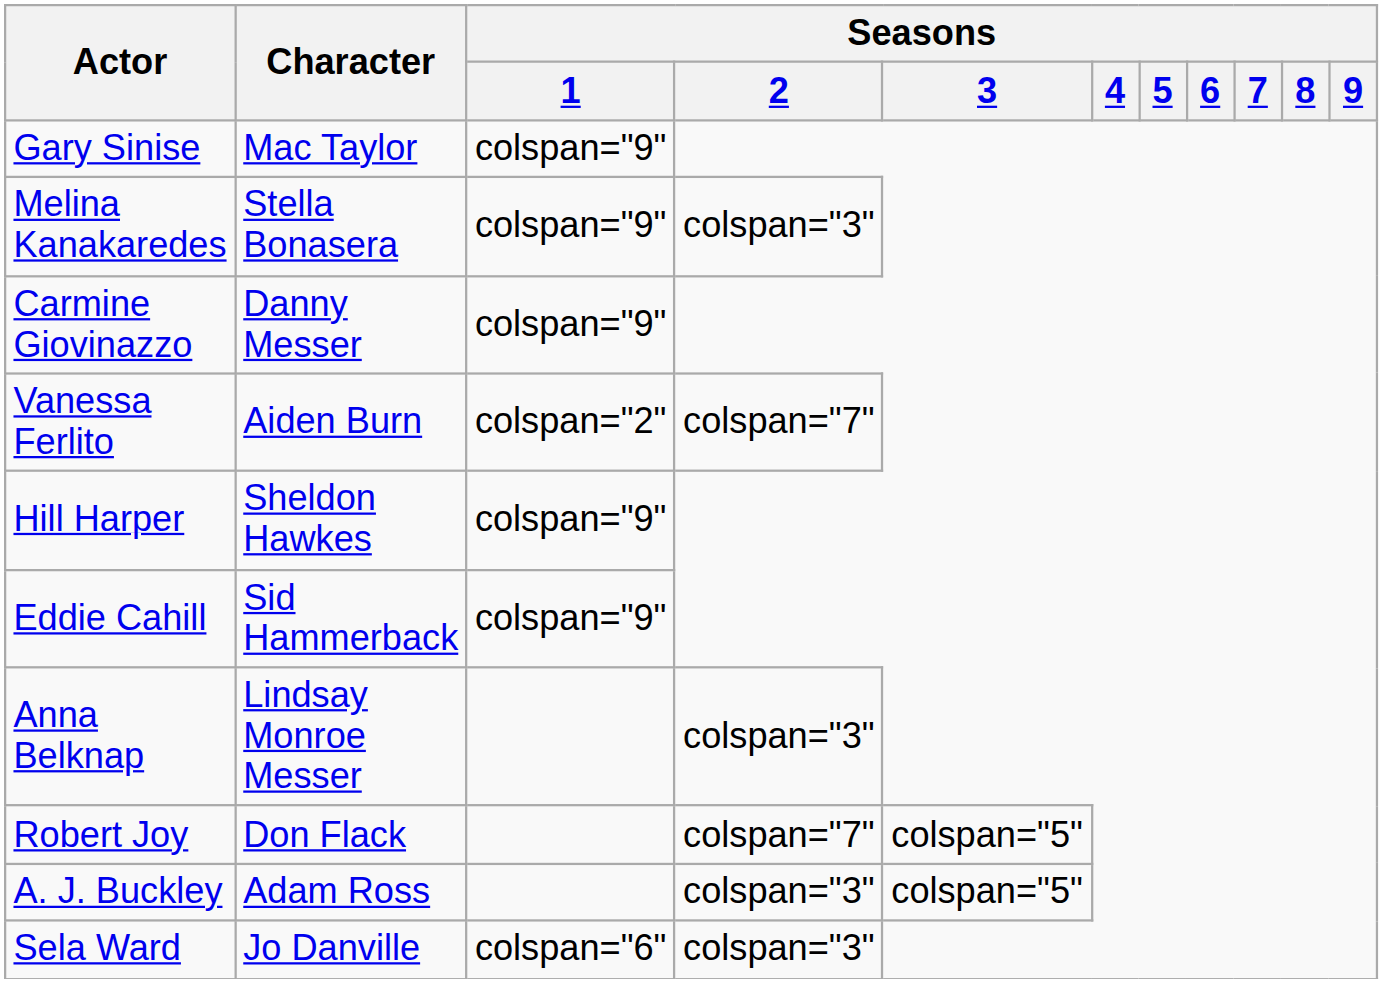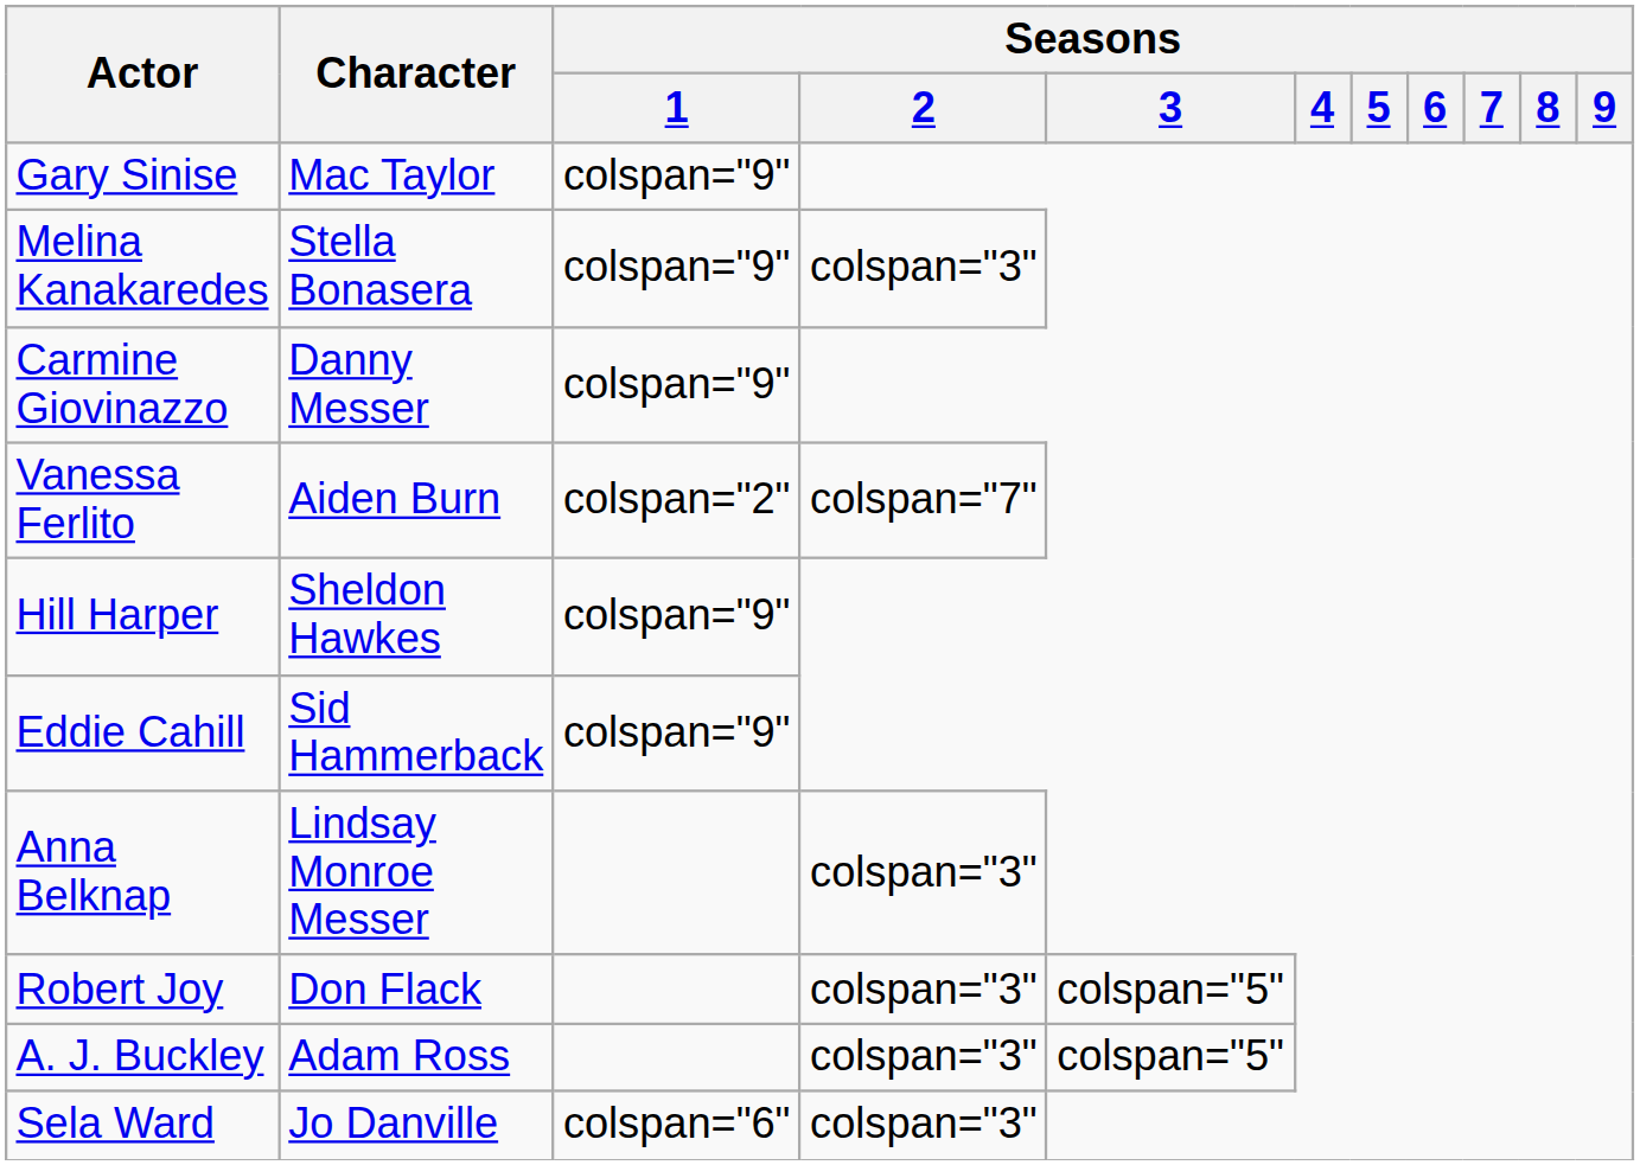 <table class="wikitable sortable">
 <tr>
 <th rowspan="2">Actor</th>
 <th rowspan="2">Character</th>
 <th colspan="9">Seasons</th>
 </tr>
 <tr>
 <th class="unsortable" style="width:4%;"><a href='#'>1</a></th>
 <th class="unsortable" style="width:4%;"><a href='#'>2</a></th>
 <th class="unsortable" style="width:4%;"><a href='#'>3</a></th>
 <th class="unsortable" style="width:4%;"><a href='#'>4</a></th>
 <th class="unsortable" style="width:4%;"><a href='#'>5</a></th>
 <th class="unsortable" style="width:4%;"><a href='#'>6</a></th>
 <th class="unsortable" style="width:4%;"><a href='#'>7</a></th>
 <th class="unsortable" style="width:4%;"><a href='#'>8</a></th>
 <th class="unsortable" style="width:4%;"><a href='#'>9</a></th>
 </tr>
 <tr>
 <td><a href='#'>Gary Sinise</a></td>
 <td><a href='#'>Mac Taylor</a></td>
 <td>colspan="9" </td>
 </tr>
 <tr>
 <td><a href='#'>Melina Kanakaredes</a></td>
 <td><a href='#'>Stella Bonasera</a></td>
 <td>colspan="9" </td>
 <td>colspan="3" </td>
 </tr>
 <tr>
 <td><a href='#'>Carmine Giovinazzo</a></td>
 <td><a href='#'>Danny Messer</a></td>
 <td>colspan="9" </td>
 </tr>
 <tr>
 <td><a href='#'>Vanessa Ferlito</a></td>
 <td><a href='#'>Aiden Burn</a></td>
 <td>colspan="2" </td>
 <td>colspan="7" </td>
 </tr>
 <tr>
 <td><a href='#'>Hill Harper</a></td>
 <td><a href='#'>Sheldon Hawkes</a></td>
 <td>colspan="9" </td>
 </tr>
 <tr>
 <td><a href='#'>Eddie Cahill</a></td>
 <td><a href='#'>Sid Hammerback</a></td>
 <td>colspan="9" </td>
 </tr>
 <tr>
 <td><a href='#'>Anna Belknap</a></td>
 <td><a href='#'>Lindsay Monroe Messer</a></td>
 <td></td>
 <td>colspan="3" </td>
 </tr>
 <tr>
 <td><a href='#'>Robert Joy</a></td>
 <td><a href='#'>Don Flack</a></td>
 <td></td>
-<td>colspan="7" </td>
+<td>colspan="3" </td>
 <td>colspan="5" </td>
 </tr>
 <tr>
 <td><a href='#'>A. J. Buckley</a></td>
 <td><a href='#'>Adam Ross</a></td>
 <td></td>
 <td>colspan="3" </td>
 <td>colspan="5" </td>
 </tr>
 <tr>
 <td><a href='#'>Sela Ward</a></td>
 <td><a href='#'>Jo Danville</a></td>
 <td>colspan="6" </td>
 <td>colspan="3" </td>
 </tr>
 </table>
